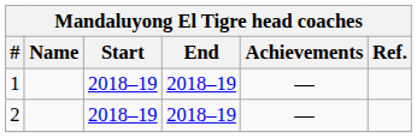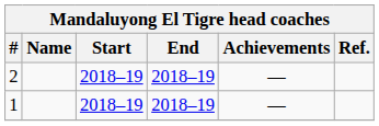 <table class="wikitable sortable">
 <tr>
 <th colspan="6">Mandaluyong El Tigre head coaches</th>
 </tr>
 <tr>
 <th>#</th>
 <th>Name</th>
 <th>Start</th>
 <th>End</th>
 <th>Achievements</th>
 <th>Ref.</th>
 </tr>
 <tr>
-<td align=center>1</td>
+<td align=center>2</td>
 <td></td>
 <td><a href='#'>2018–19</a></td>
 <td><a href='#'>2018–19</a></td>
 <td align=center>—</td>
 <td></td>
 </tr>
 <tr>
-<td align=center>2</td>
+<td align=center>1</td>
 <td></td>
 <td><a href='#'>2018–19</a></td>
 <td><a href='#'>2018–19</a></td>
 <td align=center>—</td>
 <td></td>
 </tr>
 <tr>
 </tr>
 </table>
